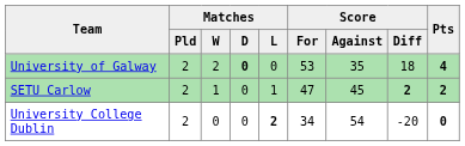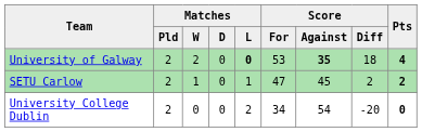 <table style=border-collapse:collapse border=1 cellspacing=0 cellpadding=5>
 <tr align=center bgcolor=#efefef>
 <th rowspan=2 width=165>Team</th>
 <th colspan=4>Matches</th>
 <th colspan=3>Score</th>
 <th rowspan=2width=20>Pts</th>
 </tr>
 <tr align=center bgcolor=#efefef>
 <th width=20>Pld</th>
 <th width=20>W</th>
 <th width=20>D</th>
 <th width=20>L</th>
 <th width=30>For</th>
 <th width=30>Against</th>
 <th width=30>Diff</th>
 </tr>
 <tr align=center style="background:#ACE1AF;">
 <td style="text-align:left;"><a href='#'>University of Galway</a></td>
 <td>2</td>
 <td>2</td>
+<td>0</td>
 <td><strong>0</strong></td>
-<td>0</td>
 <td>53</td>
-<td>35</td>
+<td><strong>35</strong></td>
 <td>18</td>
 <td><strong>4</strong></td>
 </tr>
 <tr align=center style="background:#ACE1AF;">
 <td style="text-align:left;"><a href='#'>SETU Carlow</a></td>
 <td>2</td>
 <td>1</td>
 <td>0</td>
 <td>1</td>
 <td>47</td>
 <td>45</td>
-<td><strong>2</strong></td>
+<td>2</td>
 <td><strong>2</strong></td>
 </tr>
 <tr align=center>
 <td style="text-align:left;"><a href='#'>University College Dublin</a></td>
 <td>2</td>
 <td>0</td>
 <td>0</td>
-<td><strong>2</strong></td>
+<td>2</td>
 <td>34</td>
 <td>54</td>
 <td>-20</td>
 <td><strong>0</strong></td>
 </tr>
 </table>
